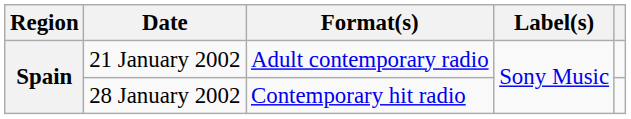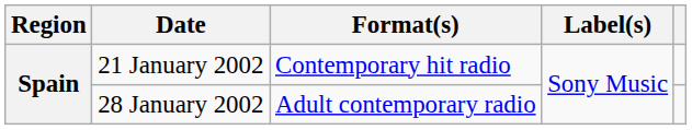 <table class="wikitable sortable plainrowheaders">
 <tr>
 <th scope="col">Region</th>
 <th scope="col">Date</th>
 <th scope="col">Format(s)</th>
 <th scope="col">Label(s)</th>
 <th scope="col"></th>
 </tr>
 <tr>
 <th scope="row" rowspan="2">Spain</th>
 <td>21 January 2002</td>
-<td><a href='#'>Adult contemporary radio</a></td>
+<td><a href='#'>Contemporary hit radio</a></td>
 <td rowspan="2"><a href='#'>Sony Music</a></td>
 <td></td>
 </tr>
 <tr>
 <td>28 January 2002</td>
-<td><a href='#'>Contemporary hit radio</a></td>
+<td><a href='#'>Adult contemporary radio</a></td>
 <td></td>
 </tr>
 </table>
